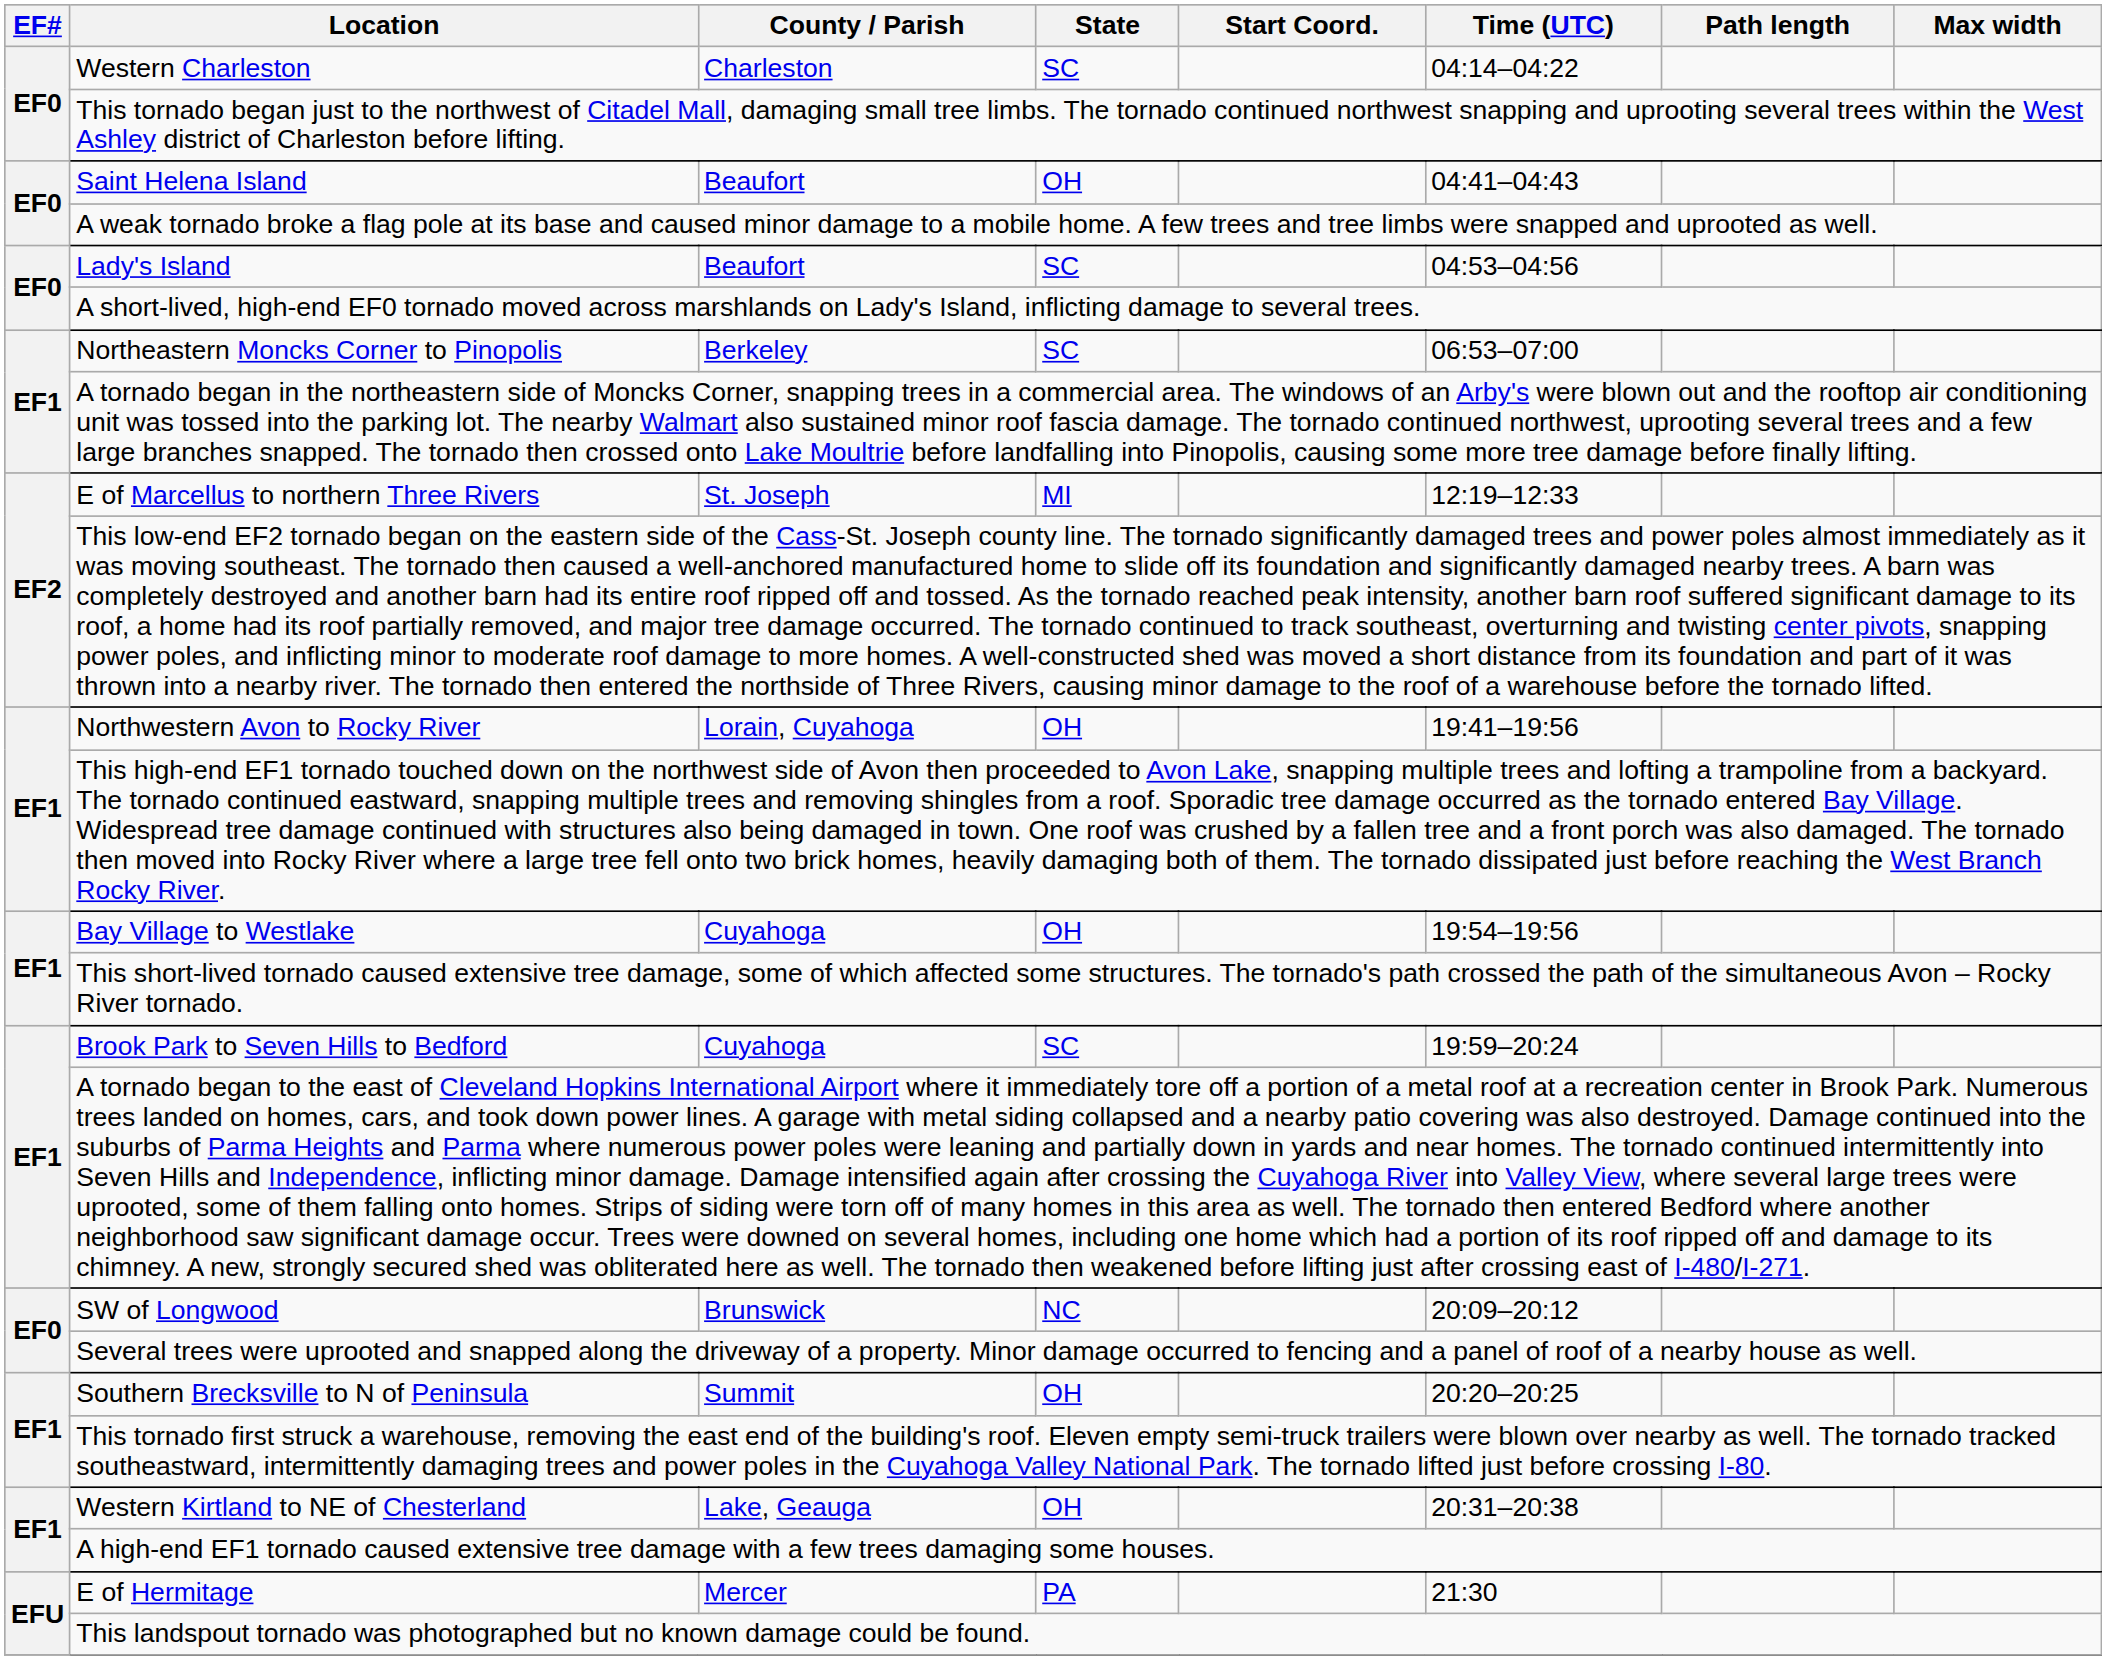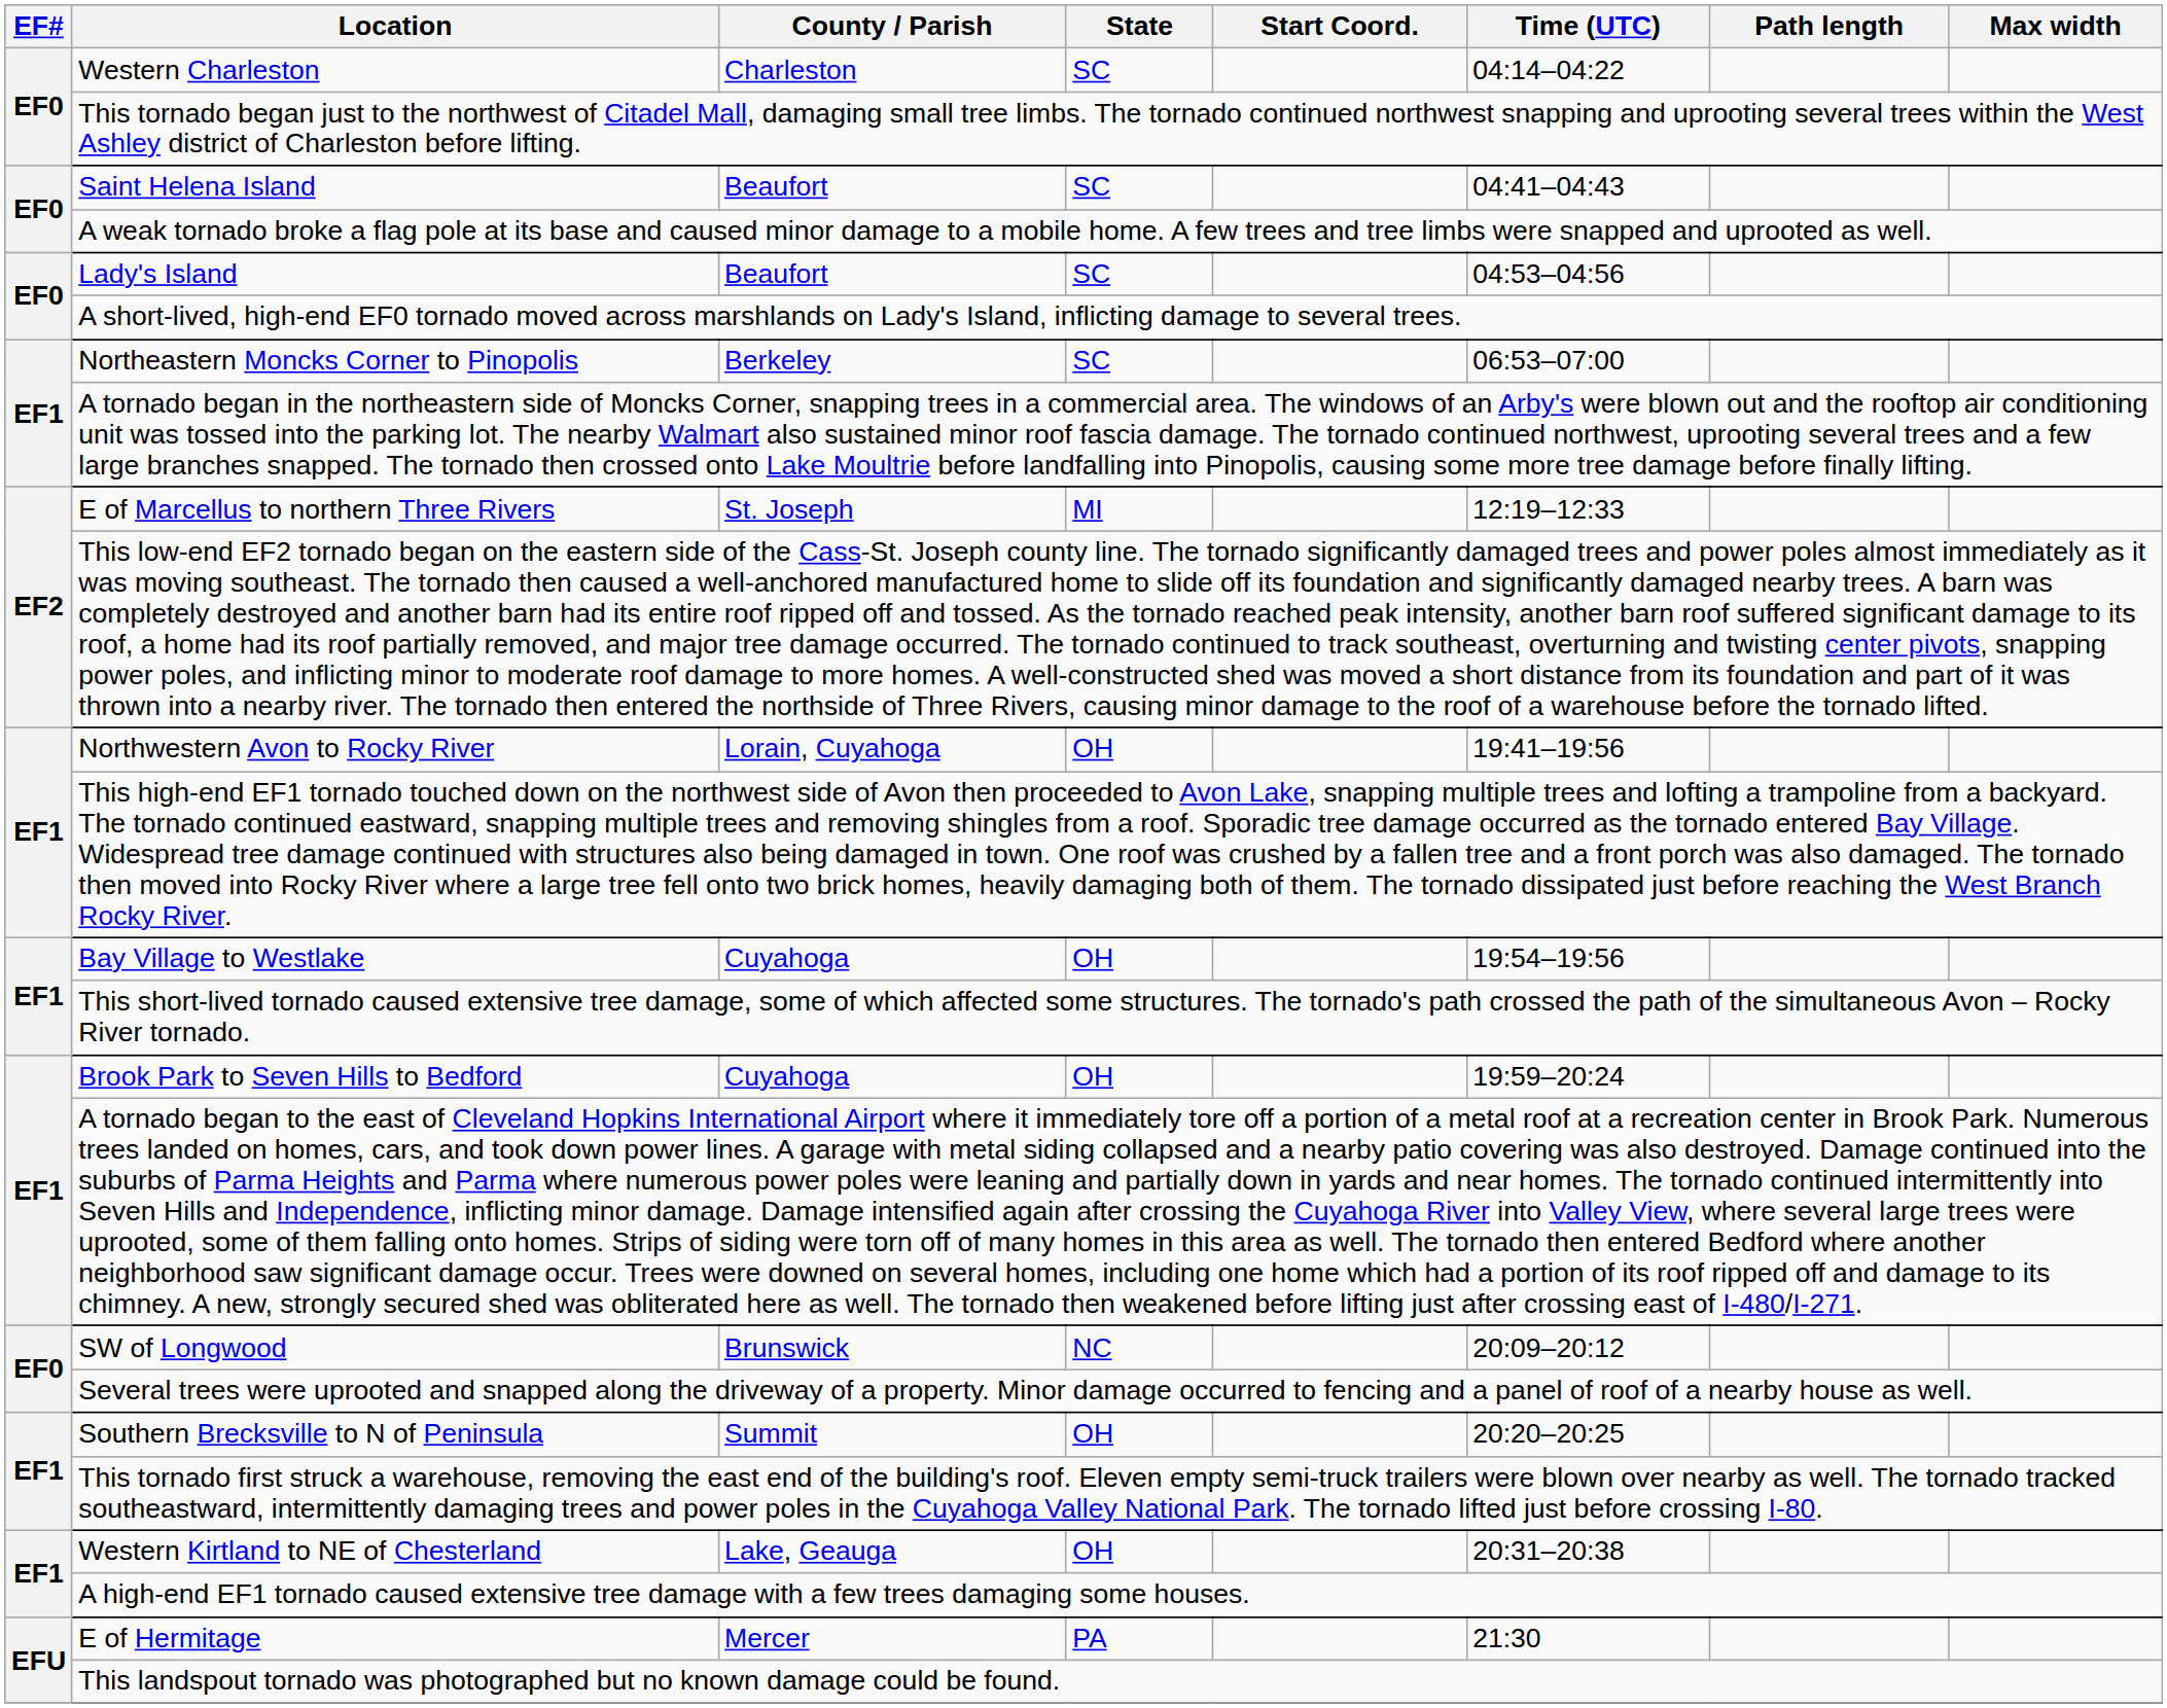 <table class="wikitable sortable" style="width:100%;">
 <tr>
 <th scope="col" width="2%" align="center"><a href='#'>EF#</a></th>
 <th scope="col" align="center" class="unsortable">Location</th>
 <th scope="col" align="center" class="unsortable">County / Parish</th>
 <th scope="col" align="center">State</th>
 <th scope="col" align="center">Start Coord.</th>
 <th scope="col" align="center">Time (<a href='#'>UTC</a>)</th>
 <th scope="col" align="center">Path length</th>
 <th scope="col" align="center">Max width</th>
 </tr>
 <tr>
 <th scope="row" rowspan="2" style="background-color:#">EF0</th>
 <td>Western <a href='#'>Charleston</a></td>
 <td><a href='#'>Charleston</a></td>
 <td><a href='#'>SC</a></td>
 <td></td>
 <td>04:14–04:22</td>
 <td></td>
 <td></td>
 </tr>
 <tr class="expand-child">
 <td colspan="8" style=" border-bottom: 1px solid black;">This tornado began just to the northwest of <a href='#'>Citadel Mall</a>, damaging small tree limbs. The tornado continued northwest snapping and uprooting several trees within the <a href='#'>West Ashley</a> district of Charleston before lifting.</td>
 </tr>
 <tr>
 <th scope="row" rowspan="2" style="background-color:#">EF0</th>
 <td><a href='#'>Saint Helena Island</a></td>
 <td><a href='#'>Beaufort</a></td>
-<td><a href='#'>OH</a></td>
+<td><a href='#'>SC</a></td>
 <td></td>
 <td>04:41–04:43</td>
 <td></td>
 <td></td>
 </tr>
 <tr class="expand-child">
 <td colspan="8" style=" border-bottom: 1px solid black;">A weak tornado broke a flag pole at its base and caused minor damage to a mobile home. A few trees and tree limbs were snapped and uprooted as well.</td>
 </tr>
 <tr>
 <th scope="row" rowspan="2" style="background-color:#">EF0</th>
 <td><a href='#'>Lady's Island</a></td>
 <td><a href='#'>Beaufort</a></td>
 <td><a href='#'>SC</a></td>
 <td></td>
 <td>04:53–04:56</td>
 <td></td>
 <td></td>
 </tr>
 <tr class="expand-child">
 <td colspan="8" style=" border-bottom: 1px solid black;">A short-lived, high-end EF0 tornado moved across marshlands on Lady's Island, inflicting damage to several trees.</td>
 </tr>
 <tr>
 <th scope="row" rowspan="2" style="background-color:#">EF1</th>
 <td>Northeastern  <a href='#'>Moncks Corner</a> to <a href='#'>Pinopolis</a></td>
 <td><a href='#'>Berkeley</a></td>
 <td><a href='#'>SC</a></td>
 <td></td>
 <td>06:53–07:00</td>
 <td></td>
 <td></td>
 </tr>
 <tr class="expand-child">
 <td colspan="8" style=" border-bottom: 1px solid black;">A tornado began in the northeastern side of Moncks Corner, snapping trees in a commercial area. The windows of an <a href='#'>Arby's</a> were blown out and the rooftop air conditioning unit was tossed into the parking lot. The nearby <a href='#'>Walmart</a> also sustained minor roof fascia damage. The tornado continued northwest, uprooting several trees and a few large branches snapped. The tornado then crossed onto <a href='#'>Lake Moultrie</a> before landfalling into Pinopolis, causing some more tree damage before finally lifting.</td>
 </tr>
 <tr>
 <th scope="row" rowspan="2" style="background-color:#">EF2</th>
 <td>E of <a href='#'>Marcellus</a> to northern <a href='#'>Three Rivers</a></td>
 <td><a href='#'>St. Joseph</a></td>
 <td><a href='#'>MI</a></td>
 <td></td>
 <td>12:19–12:33</td>
 <td></td>
 <td></td>
 </tr>
 <tr class="expand-child">
 <td colspan="8" style=" border-bottom: 1px solid black;">This low-end EF2 tornado began on the eastern side of the <a href='#'>Cass</a>-St. Joseph county line. The tornado significantly damaged trees and power poles almost immediately as it was moving southeast. The tornado then caused a well-anchored manufactured home to slide off its foundation and significantly damaged nearby trees. A barn was completely destroyed and another barn had its entire roof ripped off and tossed. As the tornado reached peak intensity, another barn roof suffered significant damage to its roof, a home had its roof partially removed, and major tree damage occurred. The tornado continued to track southeast, overturning and twisting <a href='#'>center pivots</a>, snapping power poles, and inflicting minor to moderate roof damage to more homes. A well-constructed shed was moved a short distance from its foundation and part of it was thrown into a nearby river. The tornado then entered the northside of Three Rivers, causing minor damage to the roof of a warehouse before the tornado lifted.</td>
 </tr>
 <tr>
 <th scope="row" rowspan="2" style="background-color:#">EF1</th>
 <td>Northwestern <a href='#'>Avon</a> to <a href='#'>Rocky River</a></td>
 <td><a href='#'>Lorain</a>, <a href='#'>Cuyahoga</a></td>
 <td><a href='#'>OH</a></td>
 <td></td>
 <td>19:41–19:56</td>
 <td></td>
 <td></td>
 </tr>
 <tr class="expand-child">
 <td colspan="8" style=" border-bottom: 1px solid black;">This high-end EF1 tornado touched down on the northwest side of Avon then proceeded to <a href='#'>Avon Lake</a>, snapping multiple trees and lofting a trampoline from a backyard. The tornado continued eastward, snapping multiple trees and removing shingles from a roof. Sporadic tree damage occurred as the tornado entered <a href='#'>Bay Village</a>. Widespread tree damage continued with structures also being damaged in town. One roof was crushed by a fallen tree and a front porch was also damaged. The tornado then moved into Rocky River where a large tree fell onto two brick homes, heavily damaging both of them. The tornado dissipated just before reaching the <a href='#'>West Branch Rocky River</a>.</td>
 </tr>
 <tr>
 <th scope="row" rowspan="2" style="background-color:#">EF1</th>
 <td><a href='#'>Bay Village</a> to <a href='#'>Westlake</a></td>
 <td><a href='#'>Cuyahoga</a></td>
 <td><a href='#'>OH</a></td>
 <td></td>
 <td>19:54–19:56</td>
 <td></td>
 <td></td>
 </tr>
 <tr class="expand-child">
 <td colspan="8" style=" border-bottom: 1px solid black;">This short-lived tornado caused extensive tree damage, some of which affected some structures. The tornado's path crossed the path of the simultaneous Avon – Rocky River tornado.</td>
 </tr>
 <tr>
 <th scope="row" rowspan="2" style="background-color:#">EF1</th>
 <td><a href='#'>Brook Park</a> to <a href='#'>Seven Hills</a> to <a href='#'>Bedford</a></td>
 <td><a href='#'>Cuyahoga</a></td>
-<td><a href='#'>SC</a></td>
+<td><a href='#'>OH</a></td>
 <td></td>
 <td>19:59–20:24</td>
 <td></td>
 <td></td>
 </tr>
 <tr class="expand-child">
 <td colspan="8" style=" border-bottom: 1px solid black;">A tornado began to the east of <a href='#'>Cleveland Hopkins International Airport</a> where it immediately tore off a portion of a metal roof at a recreation center in Brook Park. Numerous trees landed on homes, cars, and took down power lines. A  garage with metal siding collapsed and a nearby patio covering was also destroyed. Damage continued into the suburbs of <a href='#'>Parma Heights</a> and <a href='#'>Parma</a> where numerous power poles were leaning and partially down in yards and near homes. The tornado continued intermittently into Seven Hills and <a href='#'>Independence</a>, inflicting minor damage. Damage intensified again after crossing the <a href='#'>Cuyahoga River</a> into <a href='#'>Valley View</a>, where several large trees were uprooted, some of them falling onto homes. Strips of siding were torn off of many homes in this area as well. The tornado then entered Bedford where another neighborhood saw significant damage occur. Trees were downed on several homes, including one home which had a portion of its roof ripped off and damage to its chimney. A new, strongly secured shed was obliterated here as well. The tornado then weakened before lifting just after crossing east of <a href='#'>I-480</a>/<a href='#'>I-271</a>.</td>
 </tr>
 <tr>
 <th scope="row" rowspan="2" style="background-color:#">EF0</th>
 <td>SW of <a href='#'>Longwood</a></td>
 <td><a href='#'>Brunswick</a></td>
 <td><a href='#'>NC</a></td>
 <td></td>
 <td>20:09–20:12</td>
 <td></td>
 <td></td>
 </tr>
 <tr class="expand-child">
 <td colspan="8" style=" border-bottom: 1px solid black;">Several trees were uprooted and snapped along the driveway of a property. Minor damage occurred to fencing and a panel of roof of a nearby house as well.</td>
 </tr>
 <tr>
 <th scope="row" rowspan="2" style="background-color:#">EF1</th>
 <td>Southern <a href='#'>Brecksville</a> to N of <a href='#'>Peninsula</a></td>
 <td><a href='#'>Summit</a></td>
 <td><a href='#'>OH</a></td>
 <td></td>
 <td>20:20–20:25</td>
 <td></td>
 <td></td>
 </tr>
 <tr class="expand-child">
 <td colspan="8" style=" border-bottom: 1px solid black;">This tornado first struck a warehouse, removing the east end of the building's roof. Eleven empty semi-truck trailers were blown over nearby as well. The tornado tracked southeastward, intermittently damaging trees and power poles in the <a href='#'>Cuyahoga Valley National Park</a>. The tornado lifted just before crossing <a href='#'>I-80</a>.</td>
 </tr>
 <tr>
 <th scope="row" rowspan="2" style="background-color:#">EF1</th>
 <td>Western <a href='#'>Kirtland</a> to NE of <a href='#'>Chesterland</a></td>
 <td><a href='#'>Lake</a>, <a href='#'>Geauga</a></td>
 <td><a href='#'>OH</a></td>
 <td></td>
 <td>20:31–20:38</td>
 <td></td>
 <td></td>
 </tr>
 <tr class="expand-child">
 <td colspan="8" style=" border-bottom: 1px solid black;">A high-end EF1 tornado caused extensive tree damage with a few trees damaging some houses.</td>
 </tr>
 <tr>
 <th scope="row" rowspan="2" style="background-color:#">EFU</th>
 <td>E of <a href='#'>Hermitage</a></td>
 <td><a href='#'>Mercer</a></td>
 <td><a href='#'>PA</a></td>
 <td></td>
 <td>21:30</td>
 <td></td>
 <td></td>
 </tr>
 <tr class="expand-child">
 <td colspan="8" style=" border-bottom: 1px solid black;">This landspout tornado was photographed but no known damage could be found.</td>
 </tr>
 <tr>
 </tr>
 </table>
